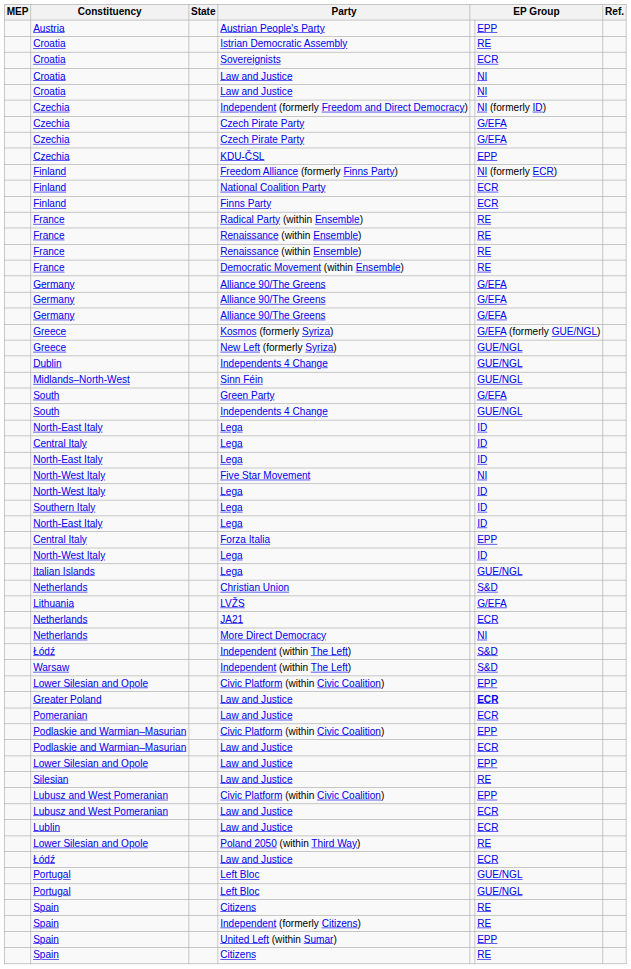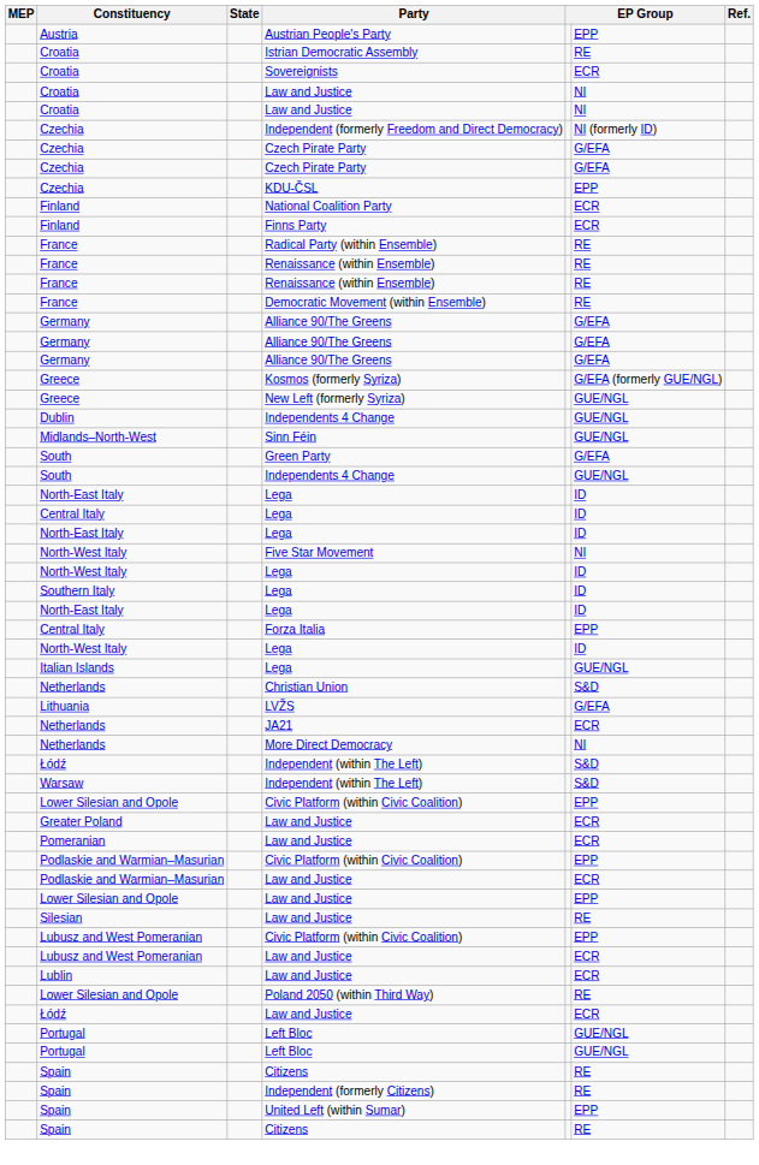 <table class="wikitable sortable">
 <tr>
 <th>MEP</th>
 <th>Constituency</th>
 <th>State</th>
 <th>Party</th>
 <th colspan="2">EP Group</th>
 <th>Ref.</th>
 </tr>
 <tr>
 <td></td>
 <td><a href='#'>Austria</a></td>
 <td></td>
 <td><a href='#'>Austrian People's Party</a></td>
 <td style="background: "></td>
 <td><a href='#'>EPP</a></td>
 <td></td>
 </tr>
 <tr>
 <td></td>
 <td><a href='#'>Croatia</a></td>
 <td></td>
 <td><a href='#'>Istrian Democratic Assembly</a></td>
 <td style="background: "></td>
 <td><a href='#'>RE</a></td>
 <td></td>
 </tr>
 <tr>
 <td></td>
 <td><a href='#'>Croatia</a></td>
 <td></td>
 <td><a href='#'>Sovereignists</a></td>
 <td style="background: "></td>
 <td><a href='#'>ECR</a></td>
 <td></td>
 </tr>
 <tr>
 <td></td>
 <td><a href='#'>Croatia</a></td>
 <td></td>
 <td><a href='#'>Law and Justice</a></td>
 <td style="background: "></td>
 <td><a href='#'>NI</a></td>
 <td></td>
 </tr>
 <tr>
 <td></td>
 <td><a href='#'>Croatia</a></td>
 <td></td>
 <td><a href='#'>Law and Justice</a></td>
 <td style="background: "></td>
 <td><a href='#'>NI</a></td>
 <td></td>
 </tr>
 <tr>
 <td></td>
 <td><a href='#'>Czechia</a></td>
 <td></td>
 <td><a href='#'>Independent</a> (formerly <a href='#'>Freedom and Direct Democracy</a>)</td>
 <td style="background: "></td>
 <td><a href='#'>NI</a> (formerly <a href='#'>ID</a>)</td>
 <td></td>
 </tr>
 <tr>
 <td></td>
 <td><a href='#'>Czechia</a></td>
 <td></td>
 <td><a href='#'>Czech Pirate Party</a></td>
 <td style="background: "></td>
 <td><a href='#'>G/EFA</a></td>
 <td></td>
 </tr>
 <tr>
 <td></td>
 <td><a href='#'>Czechia</a></td>
 <td></td>
 <td><a href='#'>Czech Pirate Party</a></td>
 <td style="background: "></td>
 <td><a href='#'>G/EFA</a></td>
 <td></td>
 </tr>
 <tr>
 <td></td>
 <td><a href='#'>Czechia</a></td>
 <td></td>
 <td><a href='#'>KDU-ČSL</a></td>
 <td style="background: "></td>
 <td><a href='#'>EPP</a></td>
-<td></td>
-</tr>
-<tr>
-<td></td>
-<td><a href='#'>Finland</a></td>
-<td></td>
-<td><a href='#'>Freedom Alliance</a> (formerly <a href='#'>Finns Party</a>)</td>
-<td style="background: "></td>
-<td><a href='#'>NI</a> (formerly <a href='#'>ECR</a>)</td>
 <td></td>
 </tr>
 <tr>
 <td></td>
 <td><a href='#'>Finland</a></td>
 <td></td>
 <td><a href='#'>National Coalition Party</a></td>
 <td style="background: "></td>
 <td><a href='#'>ECR</a></td>
 <td></td>
 </tr>
 <tr>
 <td></td>
 <td><a href='#'>Finland</a></td>
 <td></td>
 <td><a href='#'>Finns Party</a></td>
 <td style="background: "></td>
 <td><a href='#'>ECR</a></td>
 <td></td>
 </tr>
 <tr>
 <td></td>
 <td><a href='#'>France</a></td>
 <td></td>
 <td><a href='#'>Radical Party</a> (within <a href='#'>Ensemble</a>)</td>
 <td style="background: "></td>
 <td><a href='#'>RE</a></td>
 <td></td>
 </tr>
 <tr>
 <td></td>
 <td><a href='#'>France</a></td>
 <td></td>
 <td><a href='#'>Renaissance</a> (within <a href='#'>Ensemble</a>)</td>
 <td style="background: "></td>
 <td><a href='#'>RE</a></td>
 <td></td>
 </tr>
 <tr>
 <td></td>
 <td><a href='#'>France</a></td>
 <td></td>
 <td><a href='#'>Renaissance</a> (within <a href='#'>Ensemble</a>)</td>
 <td style="background: "></td>
 <td><a href='#'>RE</a></td>
 <td></td>
 </tr>
 <tr>
 <td></td>
 <td><a href='#'>France</a></td>
 <td></td>
 <td><a href='#'>Democratic Movement</a> (within <a href='#'>Ensemble</a>)</td>
 <td style="background: "></td>
 <td><a href='#'>RE</a></td>
 <td></td>
 </tr>
 <tr>
 <td></td>
 <td><a href='#'>Germany</a></td>
 <td></td>
 <td><a href='#'>Alliance 90/The Greens</a></td>
 <td style="background: "></td>
 <td><a href='#'>G/EFA</a></td>
 <td></td>
 </tr>
 <tr>
 <td></td>
 <td><a href='#'>Germany</a></td>
 <td></td>
 <td><a href='#'>Alliance 90/The Greens</a></td>
 <td style="background: "></td>
 <td><a href='#'>G/EFA</a></td>
 <td></td>
 </tr>
 <tr>
 <td></td>
 <td><a href='#'>Germany</a></td>
 <td></td>
 <td><a href='#'>Alliance 90/The Greens</a></td>
 <td style="background: "></td>
 <td><a href='#'>G/EFA</a></td>
 <td></td>
 </tr>
 <tr>
 <td></td>
 <td><a href='#'>Greece</a></td>
 <td></td>
 <td><a href='#'>Kosmos</a> (formerly <a href='#'>Syriza</a>)</td>
 <td style="background: "></td>
 <td><a href='#'>G/EFA</a> (formerly <a href='#'>GUE/NGL</a>)</td>
 <td></td>
 </tr>
 <tr>
 <td></td>
 <td><a href='#'>Greece</a></td>
 <td></td>
 <td><a href='#'>New Left</a> (formerly <a href='#'>Syriza</a>)</td>
 <td style="background: "></td>
 <td><a href='#'>GUE/NGL</a></td>
 <td></td>
 </tr>
 <tr>
 <td></td>
 <td><a href='#'>Dublin</a></td>
 <td></td>
 <td><a href='#'>Independents 4 Change</a></td>
 <td style="background: "></td>
 <td><a href='#'>GUE/NGL</a></td>
 <td></td>
 </tr>
 <tr>
 <td></td>
 <td><a href='#'>Midlands–North-West</a></td>
 <td></td>
 <td><a href='#'>Sinn Féin</a></td>
 <td style="background: "></td>
 <td><a href='#'>GUE/NGL</a></td>
 <td></td>
 </tr>
 <tr>
 <td></td>
 <td><a href='#'>South</a></td>
 <td></td>
 <td><a href='#'>Green Party</a></td>
 <td style="background: "></td>
 <td><a href='#'>G/EFA</a></td>
 <td></td>
 </tr>
 <tr>
 <td></td>
 <td><a href='#'>South</a></td>
 <td></td>
 <td><a href='#'>Independents 4 Change</a></td>
 <td style="background: "></td>
 <td><a href='#'>GUE/NGL</a></td>
 <td></td>
 </tr>
 <tr>
 <td></td>
 <td><a href='#'>North-East Italy</a></td>
 <td></td>
 <td><a href='#'>Lega</a></td>
 <td style="background: "></td>
 <td><a href='#'>ID</a></td>
 <td></td>
 </tr>
 <tr>
 <td></td>
 <td><a href='#'>Central Italy</a></td>
 <td></td>
 <td><a href='#'>Lega</a></td>
 <td style="background: "></td>
 <td><a href='#'>ID</a></td>
 <td></td>
 </tr>
 <tr>
 <td></td>
 <td><a href='#'>North-East Italy</a></td>
 <td></td>
 <td><a href='#'>Lega</a></td>
 <td style="background: "></td>
 <td><a href='#'>ID</a></td>
 <td></td>
 </tr>
 <tr>
 <td></td>
 <td><a href='#'>North-West Italy</a></td>
 <td></td>
 <td><a href='#'>Five Star Movement</a></td>
 <td style="background: "></td>
 <td><a href='#'>NI</a></td>
 <td></td>
 </tr>
 <tr>
 <td></td>
 <td><a href='#'>North-West Italy</a></td>
 <td></td>
 <td><a href='#'>Lega</a></td>
 <td style="background: "></td>
 <td><a href='#'>ID</a></td>
 <td></td>
 </tr>
 <tr>
 <td></td>
 <td><a href='#'>Southern Italy</a></td>
 <td></td>
 <td><a href='#'>Lega</a></td>
 <td style="background: "></td>
 <td><a href='#'>ID</a></td>
 <td></td>
 </tr>
 <tr>
 <td></td>
 <td><a href='#'>North-East Italy</a></td>
 <td></td>
 <td><a href='#'>Lega</a></td>
 <td style="background: "></td>
 <td><a href='#'>ID</a></td>
 <td></td>
 </tr>
 <tr>
 <td></td>
 <td><a href='#'>Central Italy</a></td>
 <td></td>
 <td><a href='#'>Forza Italia</a></td>
 <td style="background: "></td>
 <td><a href='#'>EPP</a></td>
 <td></td>
 </tr>
 <tr>
 <td></td>
 <td><a href='#'>North-West Italy</a></td>
 <td></td>
 <td><a href='#'>Lega</a></td>
 <td style="background: "></td>
 <td><a href='#'>ID</a></td>
 <td></td>
 </tr>
 <tr>
 <td></td>
 <td><a href='#'>Italian Islands</a></td>
 <td></td>
 <td><a href='#'>Lega</a></td>
 <td style="background: "></td>
 <td><a href='#'>GUE/NGL</a></td>
 <td></td>
 </tr>
 <tr>
 <td></td>
 <td><a href='#'>Netherlands</a></td>
 <td></td>
 <td><a href='#'>Christian Union</a></td>
 <td style="background: "></td>
 <td><a href='#'>S&D</a></td>
 <td></td>
 </tr>
 <tr>
 <td></td>
 <td><a href='#'>Lithuania</a></td>
 <td></td>
 <td><a href='#'>LVŽS</a></td>
 <td style="background: "></td>
 <td><a href='#'>G/EFA</a></td>
 <td></td>
 </tr>
 <tr>
 <td></td>
 <td><a href='#'>Netherlands</a></td>
 <td></td>
 <td><a href='#'>JA21</a></td>
 <td style="background: "></td>
 <td><a href='#'>ECR</a></td>
 <td></td>
 </tr>
 <tr>
 <td></td>
 <td><a href='#'>Netherlands</a></td>
 <td></td>
 <td><a href='#'>More Direct Democracy</a></td>
 <td style="background: "></td>
 <td><a href='#'>NI</a></td>
 <td></td>
 </tr>
 <tr>
 <td></td>
 <td><a href='#'>Łódź</a></td>
 <td></td>
 <td><a href='#'>Independent</a> (within <a href='#'>The Left</a>)</td>
 <td style="background: "></td>
 <td><a href='#'>S&D</a></td>
 <td></td>
 </tr>
 <tr>
 <td></td>
 <td><a href='#'>Warsaw</a></td>
 <td></td>
 <td><a href='#'>Independent</a> (within <a href='#'>The Left</a>)</td>
 <td style="background: "></td>
 <td><a href='#'>S&D</a></td>
 <td></td>
 </tr>
 <tr>
 <td></td>
 <td><a href='#'>Lower Silesian and Opole</a></td>
 <td></td>
 <td><a href='#'>Civic Platform</a> (within <a href='#'>Civic Coalition</a>)</td>
 <td style="background: "></td>
 <td><a href='#'>EPP</a></td>
 <td></td>
 </tr>
 <tr>
 <td></td>
 <td><a href='#'>Greater Poland</a></td>
 <td></td>
 <td><a href='#'>Law and Justice</a></td>
 <td style="background: "></td>
-<td><strong><a href='#'>ECR</a></strong></td>
+<td><a href='#'>ECR</a></td>
 <td></td>
 </tr>
 <tr>
 <td></td>
 <td><a href='#'>Pomeranian</a></td>
 <td></td>
 <td><a href='#'>Law and Justice</a></td>
 <td style="background: "></td>
 <td><a href='#'>ECR</a></td>
 <td></td>
 </tr>
 <tr>
 <td></td>
 <td><a href='#'>Podlaskie and Warmian–Masurian</a></td>
 <td></td>
 <td><a href='#'>Civic Platform</a> (within <a href='#'>Civic Coalition</a>)</td>
 <td style="background: "></td>
 <td><a href='#'>EPP</a></td>
 <td></td>
 </tr>
 <tr>
 <td></td>
 <td><a href='#'>Podlaskie and Warmian–Masurian</a></td>
 <td></td>
 <td><a href='#'>Law and Justice</a></td>
 <td style="background: "></td>
 <td><a href='#'>ECR</a></td>
 <td></td>
 </tr>
 <tr>
 <td></td>
 <td><a href='#'>Lower Silesian and Opole</a></td>
 <td></td>
 <td><a href='#'>Law and Justice</a></td>
 <td style="background: "></td>
 <td><a href='#'>EPP</a></td>
 <td></td>
 </tr>
 <tr>
 <td></td>
 <td><a href='#'>Silesian</a></td>
 <td></td>
 <td><a href='#'>Law and Justice</a></td>
 <td style="background: "></td>
 <td><a href='#'>RE</a></td>
 <td></td>
 </tr>
 <tr>
 <td></td>
 <td><a href='#'>Lubusz and West Pomeranian</a></td>
 <td></td>
 <td><a href='#'>Civic Platform</a> (within <a href='#'>Civic Coalition</a>)</td>
 <td style="background: "></td>
 <td><a href='#'>EPP</a></td>
 <td></td>
 </tr>
 <tr>
 <td></td>
 <td><a href='#'>Lubusz and West Pomeranian</a></td>
 <td></td>
 <td><a href='#'>Law and Justice</a></td>
 <td style="background: "></td>
 <td><a href='#'>ECR</a></td>
 <td></td>
 </tr>
 <tr>
 <td></td>
 <td><a href='#'>Lublin</a></td>
 <td></td>
 <td><a href='#'>Law and Justice</a></td>
 <td style="background: "></td>
 <td><a href='#'>ECR</a></td>
 <td></td>
 </tr>
 <tr>
 <td></td>
 <td><a href='#'>Lower Silesian and Opole</a></td>
 <td></td>
 <td><a href='#'>Poland 2050</a> (within <a href='#'>Third Way</a>)</td>
 <td style="background: "></td>
 <td><a href='#'>RE</a></td>
 <td></td>
 </tr>
 <tr>
 <td></td>
 <td><a href='#'>Łódź</a></td>
 <td></td>
 <td><a href='#'>Law and Justice</a></td>
 <td style="background: "></td>
 <td><a href='#'>ECR</a></td>
 <td></td>
 </tr>
 <tr>
 <td></td>
 <td><a href='#'>Portugal</a></td>
 <td></td>
 <td><a href='#'>Left Bloc</a></td>
 <td style="background: "></td>
 <td><a href='#'>GUE/NGL</a></td>
 <td></td>
 </tr>
 <tr>
 <td></td>
 <td><a href='#'>Portugal</a></td>
 <td></td>
 <td><a href='#'>Left Bloc</a></td>
 <td style="background: "></td>
 <td><a href='#'>GUE/NGL</a></td>
 <td></td>
 </tr>
 <tr>
 <td></td>
 <td><a href='#'>Spain</a></td>
 <td></td>
 <td><a href='#'>Citizens</a></td>
 <td style="background: "></td>
 <td><a href='#'>RE</a></td>
 <td></td>
 </tr>
 <tr>
 <td></td>
 <td><a href='#'>Spain</a></td>
 <td></td>
 <td><a href='#'>Independent</a> (formerly <a href='#'>Citizens</a>)</td>
 <td style="background: "></td>
 <td><a href='#'>RE</a></td>
 <td></td>
 </tr>
 <tr>
 <td></td>
 <td><a href='#'>Spain</a></td>
 <td></td>
 <td><a href='#'>United Left</a> (within <a href='#'>Sumar</a>)</td>
 <td style="background: "></td>
 <td><a href='#'>EPP</a></td>
 <td></td>
 </tr>
 <tr>
 <td></td>
 <td><a href='#'>Spain</a></td>
 <td></td>
 <td><a href='#'>Citizens</a></td>
 <td style="background: "></td>
 <td><a href='#'>RE</a></td>
 <td></td>
 </tr>
 </table>
